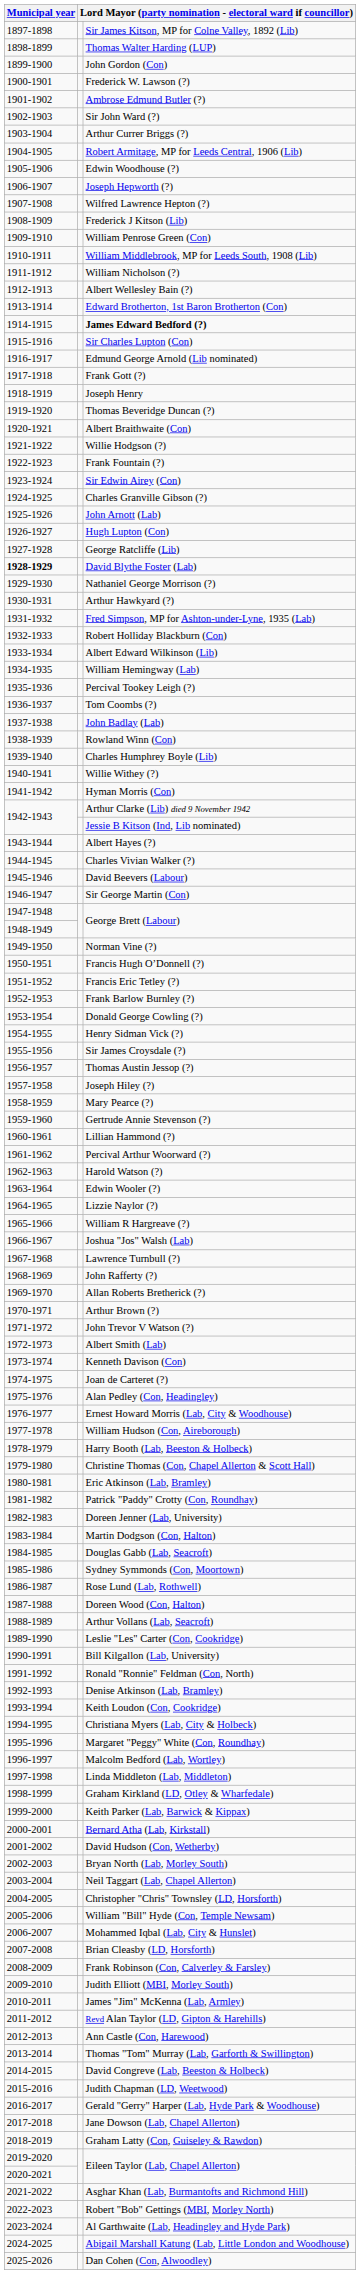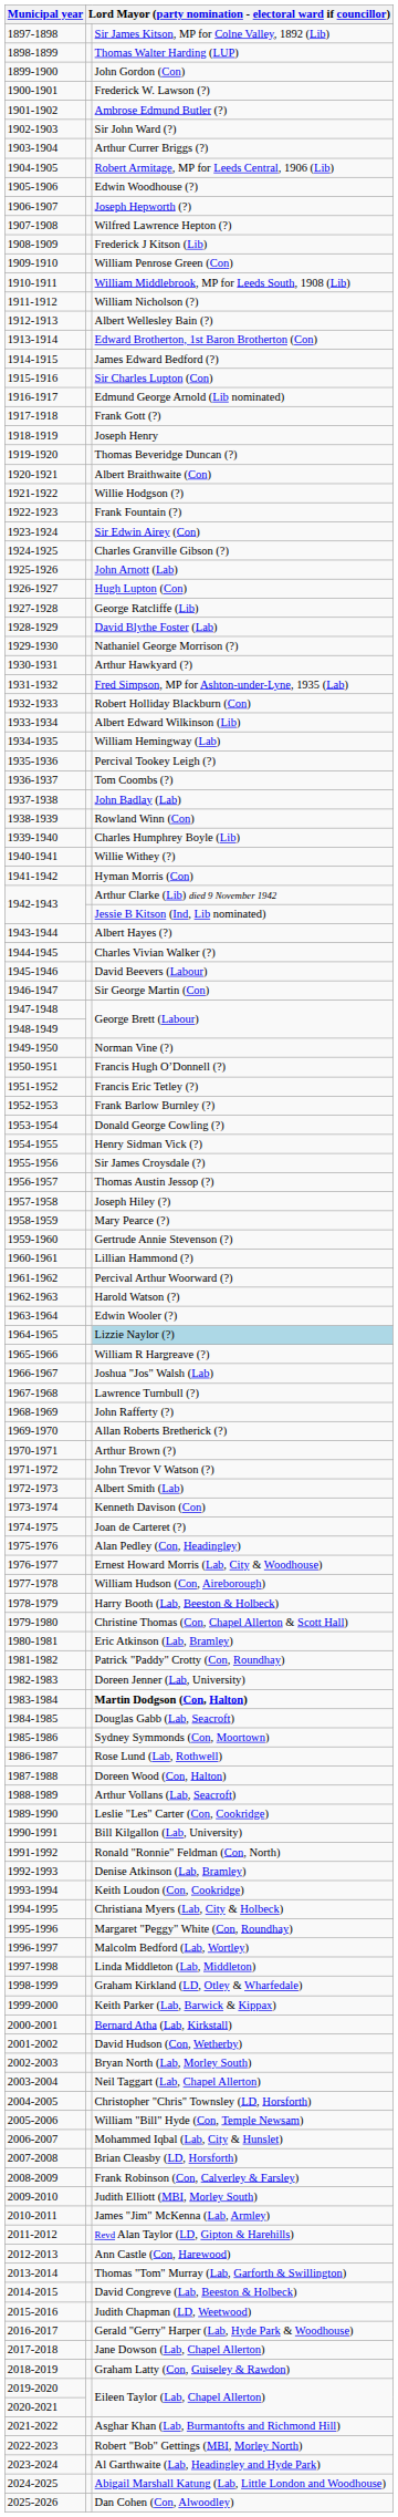 <table class="wikitable sortable" style="font-size:95%;">
 <tr>
 <th scope="col"><a href='#'>Municipal year</a></th>
 <th scope="col" colspan="2">Lord Mayor (<a href='#'>party nomination</a> - <a href='#'>electoral ward</a> if <a href='#'>councillor</a>)</th>
 </tr>
 <tr>
 <td>1897-1898</td>
 <td width="1" style="color:inherit;background:"></td>
 <td><a href='#'>Sir James Kitson</a>, MP for <a href='#'>Colne Valley</a>, 1892 (<a href='#'>Lib</a>)</td>
 </tr>
 <tr>
 <td>1898-1899</td>
 <td width="1" style="color:inherit;background:"></td>
 <td><a href='#'>Thomas Walter Harding</a> (<a href='#'>LUP</a>)</td>
 </tr>
 <tr>
 <td>1899-1900</td>
 <td width="1" style="color:inherit;background:"></td>
 <td>John Gordon (<a href='#'>Con</a>)</td>
 </tr>
 <tr>
 <td>1900-1901</td>
 <td></td>
 <td>Frederick W. Lawson (?)</td>
 </tr>
 <tr>
 <td>1901-1902</td>
 <td></td>
 <td><a href='#'>Ambrose Edmund Butler</a> (?)</td>
 </tr>
 <tr>
 <td>1902-1903</td>
 <td></td>
 <td>Sir John Ward (?)</td>
 </tr>
 <tr>
 <td>1903-1904</td>
 <td></td>
 <td>Arthur Currer Briggs (?)</td>
 </tr>
 <tr>
 <td>1904-1905</td>
 <td width="1" style="color:inherit;background:"></td>
 <td><a href='#'>Robert Armitage</a>, MP for <a href='#'>Leeds Central</a>, 1906 (<a href='#'>Lib</a>)</td>
 </tr>
 <tr>
 <td>1905-1906</td>
 <td></td>
 <td>Edwin Woodhouse (?)</td>
 </tr>
 <tr>
 <td>1906-1907</td>
 <td></td>
 <td><a href='#'>Joseph Hepworth</a> (?)</td>
 </tr>
 <tr>
 <td>1907-1908</td>
 <td></td>
 <td>Wilfred Lawrence Hepton (?)</td>
 </tr>
 <tr>
 <td>1908-1909</td>
 <td width="1" style="color:inherit;background:"></td>
 <td>Frederick J Kitson (<a href='#'>Lib</a>)</td>
 </tr>
 <tr>
 <td>1909-1910</td>
 <td width="1" style="color:inherit;background:"></td>
 <td>William Penrose Green (<a href='#'>Con</a>)</td>
 </tr>
 <tr>
 <td>1910-1911</td>
 <td width="1" style="color:inherit;background:"></td>
 <td><a href='#'>William Middlebrook</a>, MP for <a href='#'>Leeds South</a>, 1908 (<a href='#'>Lib</a>)</td>
 </tr>
 <tr>
 <td>1911-1912</td>
 <td></td>
 <td>William Nicholson (?)</td>
 </tr>
 <tr>
 <td>1912-1913</td>
 <td></td>
 <td>Albert Wellesley Bain (?)</td>
 </tr>
 <tr>
 <td>1913-1914</td>
 <td width="1" style="color:inherit;background:"></td>
 <td><a href='#'>Edward Brotherton, 1st Baron Brotherton</a> (<a href='#'>Con</a>)</td>
 </tr>
 <tr>
 <td>1914-1915</td>
 <td></td>
-<td><strong>James Edward Bedford (?)</strong></td>
+<td>James Edward Bedford (?)</td>
 </tr>
 <tr>
 <td>1915-1916</td>
 <td width="1" style="color:inherit;background:"></td>
 <td><a href='#'>Sir Charles Lupton</a> (<a href='#'>Con</a>)</td>
 </tr>
 <tr>
 <td>1916-1917</td>
 <td width="1" style="color:inherit;background:"></td>
 <td>Edmund George Arnold (<a href='#'>Lib</a> nominated)</td>
 </tr>
 <tr>
 <td>1917-1918</td>
 <td></td>
 <td>Frank Gott (?)</td>
 </tr>
 <tr>
 <td>1918-1919</td>
 <td></td>
 <td>Joseph Henry</td>
 </tr>
 <tr>
 <td>1919-1920</td>
 <td></td>
 <td>Thomas Beveridge Duncan (?)</td>
 </tr>
 <tr>
 <td>1920-1921</td>
 <td width="1" style="color:inherit;background:"></td>
 <td>Albert Braithwaite (<a href='#'>Con</a>)</td>
 </tr>
 <tr>
 <td>1921-1922</td>
 <td></td>
 <td>Willie Hodgson (?)</td>
 </tr>
 <tr>
 <td>1922-1923</td>
 <td></td>
 <td>Frank Fountain (?)</td>
 </tr>
 <tr>
 <td>1923-1924</td>
 <td width="1" style="color:inherit;background:"></td>
 <td><a href='#'>Sir Edwin Airey</a> (<a href='#'>Con</a>)</td>
 </tr>
 <tr>
 <td>1924-1925</td>
 <td></td>
 <td>Charles Granville Gibson (?)</td>
 </tr>
 <tr>
 <td>1925-1926</td>
 <td width="1" style="color:inherit;background:"></td>
 <td><a href='#'>John Arnott</a> (<a href='#'>Lab</a>)</td>
 </tr>
 <tr>
 <td>1926-1927</td>
 <td width="1" style="color:inherit;background:"></td>
 <td><a href='#'>Hugh Lupton</a> (<a href='#'>Con</a>)</td>
 </tr>
 <tr>
 <td>1927-1928</td>
 <td width="1" style="color:inherit;background:"></td>
 <td>George Ratcliffe (<a href='#'>Lib</a>)</td>
 </tr>
 <tr>
-<td><strong>1928-1929</strong></td>
+<td>1928-1929</td>
 <td width="1" style="color:inherit;background:"></td>
 <td><a href='#'>David Blythe Foster</a> (<a href='#'>Lab</a>)</td>
 </tr>
 <tr>
 <td>1929-1930</td>
 <td></td>
 <td>Nathaniel George Morrison (?)</td>
 </tr>
 <tr>
 <td>1930-1931</td>
 <td></td>
 <td>Arthur Hawkyard (?)</td>
 </tr>
 <tr>
 <td>1931-1932</td>
 <td width="1" style="color:inherit;background:"></td>
 <td><a href='#'>Fred Simpson</a>, MP for <a href='#'>Ashton-under-Lyne</a>, 1935 (<a href='#'>Lab</a>)</td>
 </tr>
 <tr>
 <td>1932-1933</td>
 <td width="1" style="color:inherit;background:"></td>
 <td>Robert Holliday Blackburn  (<a href='#'>Con</a>)</td>
 </tr>
 <tr>
 <td>1933-1934</td>
 <td width="1" style="color:inherit;background:"></td>
 <td>Albert Edward Wilkinson (<a href='#'>Lib</a>)</td>
 </tr>
 <tr>
 <td>1934-1935</td>
 <td width="1" style="color:inherit;background:"></td>
 <td>William Hemingway (<a href='#'>Lab</a>)</td>
 </tr>
 <tr>
 <td>1935-1936</td>
 <td></td>
 <td>Percival Tookey Leigh (?)</td>
 </tr>
 <tr>
 <td>1936-1937</td>
 <td></td>
 <td>Tom Coombs (?)</td>
 </tr>
 <tr>
 <td>1937-1938</td>
 <td width="1" style="color:inherit;background:"></td>
 <td><a href='#'>John Badlay</a> (<a href='#'>Lab</a>)</td>
 </tr>
 <tr>
 <td>1938-1939</td>
 <td width="1" style="color:inherit;background:"></td>
 <td>Rowland Winn (<a href='#'>Con</a>)</td>
 </tr>
 <tr>
 <td>1939-1940</td>
 <td width="1" style="color:inherit;background:"></td>
 <td>Charles Humphrey Boyle (<a href='#'>Lib</a>)</td>
 </tr>
 <tr>
 <td>1940-1941</td>
 <td></td>
 <td>Willie Withey (?)</td>
 </tr>
 <tr>
 <td>1941-1942</td>
 <td width="1" style="color:inherit;background:"></td>
 <td>Hyman Morris (<a href='#'>Con</a>)</td>
 </tr>
 <tr>
 <td rowspan="2">1942-1943</td>
 <td width="1" style="color:inherit;background:"></td>
 <td>Arthur Clarke (<a href='#'>Lib</a>) <small><em>died 9 November 1942</em></small></td>
 </tr>
 <tr>
 <td width="1" style="color:inherit;background:"></td>
 <td><a href='#'>Jessie B Kitson</a> (<a href='#'>Ind</a>, <a href='#'>Lib</a> nominated)</td>
 </tr>
 <tr>
 <td>1943-1944</td>
 <td></td>
 <td>Albert Hayes (?)</td>
 </tr>
 <tr>
 <td>1944-1945</td>
 <td></td>
 <td>Charles Vivian Walker (?)</td>
 </tr>
 <tr>
 <td>1945-1946</td>
 <td width="1" style="color:inherit;background:"></td>
 <td>David Beevers (<a href='#'>Labour</a>)</td>
 </tr>
 <tr>
 <td>1946-1947</td>
 <td width="1" style="color:inherit;background:"></td>
 <td>Sir George Martin (<a href='#'>Con</a>)</td>
 </tr>
 <tr>
 <td>1947-1948</td>
 <td rowspan="2" width="1"></td>
 <td rowspan="2">George Brett (<a href='#'>Labour</a>)</td>
 </tr>
 <tr>
 <td>1948-1949</td>
 </tr>
 <tr>
 <td>1949-1950</td>
 <td></td>
 <td>Norman Vine (?)</td>
 </tr>
 <tr>
 <td>1950-1951</td>
 <td></td>
 <td>Francis Hugh O’Donnell (?)</td>
 </tr>
 <tr>
 <td>1951-1952</td>
 <td></td>
 <td>Francis Eric Tetley (?)</td>
 </tr>
 <tr>
 <td>1952-1953</td>
 <td></td>
 <td>Frank Barlow Burnley (?)</td>
 </tr>
 <tr>
 <td>1953-1954</td>
 <td></td>
 <td>Donald George Cowling (?)</td>
 </tr>
 <tr>
 <td>1954-1955</td>
 <td></td>
 <td>Henry Sidman Vick (?)</td>
 </tr>
 <tr>
 <td>1955-1956</td>
 <td></td>
 <td>Sir James Croysdale (?)</td>
 </tr>
 <tr>
 <td>1956-1957</td>
 <td></td>
 <td>Thomas Austin Jessop (?)</td>
 </tr>
 <tr>
 <td>1957-1958</td>
 <td></td>
 <td>Joseph Hiley (?)</td>
 </tr>
 <tr>
 <td>1958-1959</td>
 <td></td>
 <td>Mary Pearce (?)</td>
 </tr>
 <tr>
 <td>1959-1960</td>
 <td></td>
 <td>Gertrude Annie Stevenson (?)</td>
 </tr>
 <tr>
 <td>1960-1961</td>
 <td></td>
 <td>Lillian Hammond (?)</td>
 </tr>
 <tr>
 <td>1961-1962</td>
 <td></td>
 <td>Percival Arthur Woorward (?)</td>
 </tr>
 <tr>
 <td>1962-1963</td>
 <td></td>
 <td>Harold Watson (?)</td>
 </tr>
 <tr>
 <td>1963-1964</td>
 <td></td>
 <td>Edwin Wooler (?)</td>
 </tr>
 <tr>
 <td>1964-1965</td>
 <td></td>
-<td>Lizzie Naylor (?)</td>
+<td style="background: lightblue;">Lizzie Naylor (?)</td>
 </tr>
 <tr>
 <td>1965-1966</td>
 <td></td>
 <td>William R Hargreave (?)</td>
 </tr>
 <tr>
 <td>1966-1967</td>
 <td width="1" style="color:inherit;background:"></td>
 <td>Joshua "Jos" Walsh (<a href='#'>Lab</a>)</td>
 </tr>
 <tr>
 <td>1967-1968</td>
 <td></td>
 <td>Lawrence Turnbull (?)</td>
 </tr>
 <tr>
 <td>1968-1969</td>
 <td></td>
 <td>John Rafferty (?)</td>
 </tr>
 <tr>
 <td>1969-1970</td>
 <td></td>
 <td>Allan Roberts Bretherick (?)</td>
 </tr>
 <tr>
 <td>1970-1971</td>
 <td></td>
 <td>Arthur Brown (?)</td>
 </tr>
 <tr>
 <td>1971-1972</td>
 <td></td>
 <td>John Trevor V Watson (?)</td>
 </tr>
 <tr>
 <td>1972-1973</td>
 <td width="1" style="color:inherit;background:"></td>
 <td>Albert Smith (<a href='#'>Lab</a>)</td>
 </tr>
 <tr>
 <td>1973-1974</td>
 <td width="1" style="color:inherit;background:"></td>
 <td>Kenneth Davison (<a href='#'>Con</a>)</td>
 </tr>
 <tr>
 <td>1974-1975</td>
 <td></td>
 <td>Joan de Carteret (?)</td>
 </tr>
 <tr>
 <td>1975-1976</td>
 <td width="1" style="color:inherit;background:"></td>
 <td>Alan Pedley (<a href='#'>Con</a>, <a href='#'>Headingley</a>)</td>
 </tr>
 <tr>
 <td>1976-1977</td>
 <td width="1" style="color:inherit;background:"></td>
 <td>Ernest Howard Morris (<a href='#'>Lab</a>, <a href='#'>City</a> & <a href='#'>Woodhouse</a>)</td>
 </tr>
 <tr>
 <td>1977-1978</td>
 <td width="1" style="color:inherit;background:"></td>
 <td>William Hudson (<a href='#'>Con</a>, <a href='#'>Aireborough</a>)</td>
 </tr>
 <tr>
 <td>1978-1979</td>
 <td width="1" style="color:inherit;background:"></td>
 <td>Harry Booth (<a href='#'>Lab</a>, <a href='#'>Beeston & Holbeck</a>)</td>
 </tr>
 <tr>
 <td>1979-1980</td>
 <td width="1" style="color:inherit;background:"></td>
 <td>Christine Thomas (<a href='#'>Con</a>, <a href='#'>Chapel Allerton</a> & <a href='#'>Scott Hall</a>)</td>
 </tr>
 <tr>
 <td>1980-1981</td>
 <td width="1" style="color:inherit;background:"></td>
 <td>Eric Atkinson (<a href='#'>Lab</a>, <a href='#'>Bramley</a>)</td>
 </tr>
 <tr>
 <td>1981-1982</td>
 <td width="1" style="color:inherit;background:"></td>
 <td>Patrick "Paddy" Crotty (<a href='#'>Con</a>, <a href='#'>Roundhay</a>)</td>
 </tr>
 <tr>
 <td>1982-1983</td>
 <td width="1" style="color:inherit;background:"></td>
 <td>Doreen Jenner (<a href='#'>Lab</a>, University)</td>
 </tr>
 <tr>
 <td>1983-1984</td>
 <td width="1" style="color:inherit;background:"></td>
-<td>Martin Dodgson (<a href='#'>Con</a>, <a href='#'>Halton</a>)</td>
+<td><strong>Martin Dodgson (<a href='#'>Con</a>, <a href='#'>Halton</a>)</strong></td>
 </tr>
 <tr>
 <td>1984-1985</td>
 <td width="1" style="color:inherit;background:"></td>
 <td>Douglas Gabb (<a href='#'>Lab</a>, <a href='#'>Seacroft</a>)</td>
 </tr>
 <tr>
 <td>1985-1986</td>
 <td width="1" style="color:inherit;background:"></td>
 <td>Sydney Symmonds (<a href='#'>Con</a>, <a href='#'>Moortown</a>)</td>
 </tr>
 <tr>
 <td>1986-1987</td>
 <td width="1" style="color:inherit;background:"></td>
 <td>Rose Lund (<a href='#'>Lab</a>, <a href='#'>Rothwell</a>)</td>
 </tr>
 <tr>
 <td>1987-1988</td>
 <td width="1" style="color:inherit;background:"></td>
 <td>Doreen Wood (<a href='#'>Con</a>, <a href='#'>Halton</a>)</td>
 </tr>
 <tr>
 <td>1988-1989</td>
 <td width="1" style="color:inherit;background:"></td>
 <td>Arthur Vollans (<a href='#'>Lab</a>, <a href='#'>Seacroft</a>)</td>
 </tr>
 <tr>
 <td>1989-1990</td>
 <td width="1" style="color:inherit;background:"></td>
 <td>Leslie "Les" Carter (<a href='#'>Con</a>, <a href='#'>Cookridge</a>)</td>
 </tr>
 <tr>
 <td>1990-1991</td>
 <td width="1" style="color:inherit;background:"></td>
 <td>Bill Kilgallon (<a href='#'>Lab</a>, University)</td>
 </tr>
 <tr>
 <td>1991-1992</td>
 <td width="1" style="color:inherit;background:"></td>
 <td>Ronald "Ronnie" Feldman (<a href='#'>Con</a>, North)</td>
 </tr>
 <tr>
 <td>1992-1993</td>
 <td width="1" style="color:inherit;background:"></td>
 <td>Denise Atkinson (<a href='#'>Lab</a>, <a href='#'>Bramley</a>)</td>
 </tr>
 <tr>
 <td>1993-1994</td>
 <td width="1" style="color:inherit;background:"></td>
 <td>Keith Loudon (<a href='#'>Con</a>, <a href='#'>Cookridge</a>)</td>
 </tr>
 <tr>
 <td>1994-1995</td>
 <td width="1" style="color:inherit;background:"></td>
 <td>Christiana Myers (<a href='#'>Lab</a>, <a href='#'>City</a> & <a href='#'>Holbeck</a>)</td>
 </tr>
 <tr>
 <td>1995-1996</td>
 <td width="1" style="color:inherit;background:"></td>
 <td>Margaret "Peggy" White  (<a href='#'>Con</a>, <a href='#'>Roundhay</a>)</td>
 </tr>
 <tr>
 <td>1996-1997</td>
 <td width="1" style="color:inherit;background:"></td>
 <td>Malcolm Bedford (<a href='#'>Lab</a>, <a href='#'>Wortley</a>)</td>
 </tr>
 <tr>
 <td>1997-1998</td>
 <td width="1" style="color:inherit;background:"></td>
 <td>Linda Middleton (<a href='#'>Lab</a>, <a href='#'>Middleton</a>)</td>
 </tr>
 <tr>
 <td>1998-1999</td>
 <td width="1" style="color:inherit;background:"></td>
 <td>Graham Kirkland (<a href='#'>LD</a>, <a href='#'>Otley</a> & <a href='#'>Wharfedale</a>)</td>
 </tr>
 <tr>
 <td>1999-2000</td>
 <td width="1" style="color:inherit;background:"></td>
 <td>Keith Parker (<a href='#'>Lab</a>, <a href='#'>Barwick</a> & <a href='#'>Kippax</a>)</td>
 </tr>
 <tr>
 <td>2000-2001</td>
 <td width="1" style="color:inherit;background:"></td>
 <td><a href='#'>Bernard Atha</a> (<a href='#'>Lab</a>, <a href='#'>Kirkstall</a>)</td>
 </tr>
 <tr>
 <td>2001-2002</td>
 <td width="1" style="color:inherit;background:"></td>
 <td>David Hudson (<a href='#'>Con</a>, <a href='#'>Wetherby</a>)</td>
 </tr>
 <tr>
 <td>2002-2003</td>
 <td width="1" style="color:inherit;background:"></td>
 <td>Bryan North (<a href='#'>Lab</a>, <a href='#'>Morley South</a>)</td>
 </tr>
 <tr>
 <td>2003-2004</td>
 <td width="1" style="color:inherit;background:"></td>
 <td>Neil Taggart (<a href='#'>Lab</a>, <a href='#'>Chapel Allerton</a>)</td>
 </tr>
 <tr>
 <td>2004-2005</td>
 <td width="1" style="color:inherit;background:"></td>
 <td>Christopher "Chris" Townsley (<a href='#'>LD</a>, <a href='#'>Horsforth</a>)</td>
 </tr>
 <tr>
 <td>2005-2006</td>
 <td width="1" style="color:inherit;background:"></td>
 <td>William "Bill" Hyde (<a href='#'>Con</a>, <a href='#'>Temple Newsam</a>)</td>
 </tr>
 <tr>
 <td>2006-2007</td>
 <td width="1" style="color:inherit;background:"></td>
 <td>Mohammed Iqbal (<a href='#'>Lab</a>, <a href='#'>City</a> & <a href='#'>Hunslet</a>)</td>
 </tr>
 <tr>
 <td>2007-2008</td>
 <td width="1" style="color:inherit;background:"></td>
 <td>Brian Cleasby (<a href='#'>LD</a>, <a href='#'>Horsforth</a>)</td>
 </tr>
 <tr>
 <td>2008-2009</td>
 <td width="1" style="color:inherit;background:"></td>
 <td>Frank Robinson (<a href='#'>Con</a>, <a href='#'>Calverley & Farsley</a>)</td>
 </tr>
 <tr>
 <td>2009-2010</td>
 <td width="1" style="color:inherit;background:"></td>
 <td>Judith Elliott (<a href='#'>MBI</a>, <a href='#'>Morley South</a>)</td>
 </tr>
 <tr>
 <td>2010-2011</td>
 <td width="1" style="color:inherit;background:"></td>
 <td>James "Jim" McKenna (<a href='#'>Lab</a>, <a href='#'>Armley</a>)</td>
 </tr>
 <tr>
 <td>2011-2012</td>
 <td width="1" style="color:inherit;background:"></td>
 <td><small><a href='#'>Revd</a></small> Alan Taylor (<a href='#'>LD</a>, <a href='#'>Gipton & Harehills</a>)</td>
 </tr>
 <tr>
 <td>2012-2013</td>
 <td width="1" style="color:inherit;background:"></td>
 <td>Ann Castle (<a href='#'>Con</a>, <a href='#'>Harewood</a>)</td>
 </tr>
 <tr>
 <td>2013-2014</td>
 <td width="1" style="color:inherit;background:"></td>
 <td>Thomas "Tom" Murray (<a href='#'>Lab</a>, <a href='#'>Garforth & Swillington</a>)</td>
 </tr>
 <tr>
 <td>2014-2015</td>
 <td width="1" style="color:inherit;background:"></td>
 <td>David Congreve (<a href='#'>Lab</a>, <a href='#'>Beeston & Holbeck</a>)</td>
 </tr>
 <tr>
 <td>2015-2016</td>
 <td width="1" style="color:inherit;background:"></td>
 <td>Judith Chapman (<a href='#'>LD</a>, <a href='#'>Weetwood</a>)</td>
 </tr>
 <tr>
 <td>2016-2017</td>
 <td width="1" style="color:inherit;background:"></td>
 <td>Gerald "Gerry" Harper (<a href='#'>Lab</a>, <a href='#'>Hyde Park</a> & <a href='#'>Woodhouse</a>)</td>
 </tr>
 <tr>
 <td>2017-2018</td>
 <td width="1" style="color:inherit;background:"></td>
 <td>Jane Dowson (<a href='#'>Lab</a>, <a href='#'>Chapel Allerton</a>)</td>
 </tr>
 <tr>
 <td>2018-2019</td>
 <td width="1" style="color:inherit;background:"></td>
 <td>Graham Latty (<a href='#'>Con</a>, <a href='#'>Guiseley & Rawdon</a>)</td>
 </tr>
 <tr>
 <td>2019-2020</td>
 <td rowspan="2" width="1"></td>
 <td rowspan="2">Eileen Taylor (<a href='#'>Lab</a>, <a href='#'>Chapel Allerton</a>)</td>
 </tr>
 <tr>
 <td>2020-2021</td>
 </tr>
 <tr>
 <td>2021-2022</td>
 <td width="1" style="color:inherit;background:"></td>
 <td>Asghar Khan (<a href='#'>Lab</a>, <a href='#'>Burmantofts and Richmond Hill</a>)</td>
 </tr>
 <tr>
 <td>2022-2023</td>
 <td width="1" style="color:inherit;background:"></td>
 <td>Robert "Bob" Gettings (<a href='#'>MBI</a>, <a href='#'>Morley North</a>)</td>
 </tr>
 <tr>
 <td>2023-2024</td>
 <td width="1" style="color:inherit;background:"></td>
 <td>Al Garthwaite (<a href='#'>Lab</a>, <a href='#'>Headingley and Hyde Park</a>)</td>
 </tr>
 <tr>
 <td>2024-2025</td>
 <td width="1" style="color:inherit;background:"></td>
 <td><a href='#'>Abigail Marshall Katung</a> (<a href='#'>Lab</a>, <a href='#'>Little London and Woodhouse</a>)</td>
 </tr>
 <tr>
 <td>2025-2026</td>
 <td width="1" style="color:inherit;background:"></td>
 <td>Dan Cohen (<a href='#'>Con</a>, <a href='#'>Alwoodley</a>)</td>
 </tr>
 </table>
